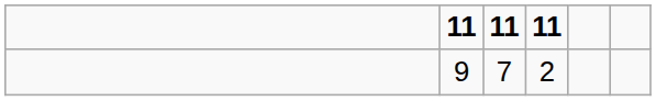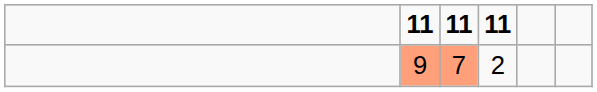 <table class="wikitable">
 <tr>
 <td style="width:15em"></td>
 <td align=center style="width:1em"><strong>11</strong></td>
 <td align=center style="width:1em"><strong>11</strong></td>
 <td align=center style="width:1em"><strong>11</strong></td>
 <td align=center style="width:1em"></td>
 <td align=center style="width:1em"></td>
 </tr>
 <tr>
 <td style="width:15em"></td>
-<td align=center style="width:1em">9</td>
-<td align=center style="width:1em">7</td>
+<td align=center style="background: lightsalmon; width:1em">9</td>
+<td align=center style="background: lightsalmon; width:1em">7</td>
 <td align=center style="width:1em">2</td>
 <td align=center style="width:1em"></td>
 <td align=center style="width:1em"></td>
 </tr>
 </table>
